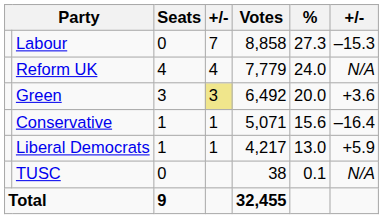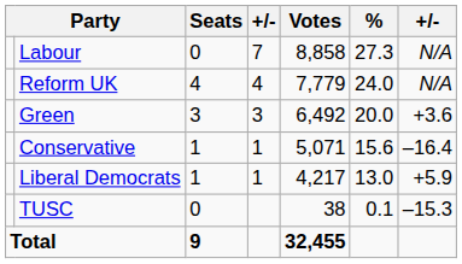 <table class="wikitable sortable">
 <tr>
 <th colspan="2">Party</th>
 <th>Seats</th>
 <th>+/-</th>
 <th>Votes</th>
 <th>%</th>
 <th>+/-</th>
 </tr>
 <tr>
 <td style="background-color: "></td>
 <td><a href='#'>Labour</a></td>
 <td>0</td>
 <td> 7</td>
 <td style="text-align:right;">8,858</td>
 <td style="text-align:right;">27.3</td>
-<td style="text-align:right;">–15.3</td>
+<td style="text-align:right;"><em>N/A</em></td>
 </tr>
 <tr>
 <td style="background-color: "></td>
 <td><a href='#'>Reform UK</a></td>
 <td>4</td>
 <td> 4</td>
 <td style="text-align:right;">7,779</td>
 <td style="text-align:right;">24.0</td>
 <td style="text-align:right;"><em>N/A</em></td>
 </tr>
 <tr>
 <td style="background-color: "></td>
 <td><a href='#'>Green</a></td>
 <td>3</td>
-<td style="background: khaki;"> 3</td>
+<td> 3</td>
 <td style="text-align:right;">6,492</td>
 <td style="text-align:right;">20.0</td>
 <td style="text-align:right;">+3.6</td>
 </tr>
 <tr>
 <td style="background-color: "></td>
 <td><a href='#'>Conservative</a></td>
 <td>1</td>
 <td> 1</td>
 <td style="text-align:right;">5,071</td>
 <td style="text-align:right;">15.6</td>
 <td style="text-align:right;">–16.4</td>
 </tr>
 <tr>
 <td style="background-color: "></td>
 <td><a href='#'>Liberal Democrats</a></td>
 <td>1</td>
 <td> 1</td>
 <td style="text-align:right;">4,217</td>
 <td style="text-align:right;">13.0</td>
 <td style="text-align:right;">+5.9</td>
 </tr>
 <tr>
 <td style="background-color: "></td>
 <td><a href='#'>TUSC</a></td>
 <td>0</td>
 <td></td>
 <td style="text-align:right;">38</td>
 <td style="text-align:right;">0.1</td>
-<td style="text-align:right;"><em>N/A</em></td>
+<td style="text-align:right;">–15.3</td>
 </tr>
 <tr>
 <td colspan="2"><strong>Total</strong></td>
 <td><strong>9</strong></td>
 <td></td>
 <td style="text-align:right;"><strong>32,455</strong></td>
 <td style="text-align:right;"></td>
 <td style="text-align:right;"></td>
 </tr>
 </table>
